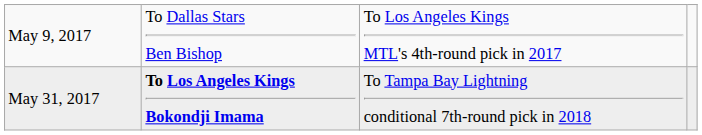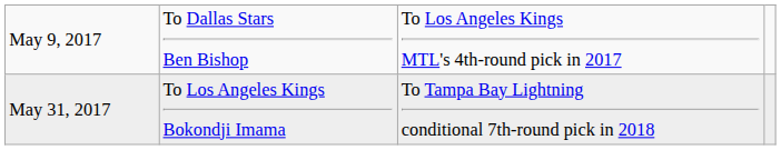 <table class="wikitable" style="border:1px solid #999999; width:680px;">
 <tr>
 <td>May 9, 2017</td>
 <td valign="top">To <a href='#'>Dallas Stars</a><hr> <a href='#'>Ben Bishop</a></td>
 <td valign="top">To <a href='#'>Los Angeles Kings</a><hr> <a href='#'>MTL</a>'s 4th-round pick in <a href='#'>2017</a></td>
 <td></td>
 </tr>
 <tr bgcolor="eeeeee">
 <td>May 31, 2017</td>
-<td><strong>To <a href='#'>Los Angeles Kings</a><hr> <a href='#'>Bokondji Imama</a></strong></td>
+<td>To <a href='#'>Los Angeles Kings</a><hr> <a href='#'>Bokondji Imama</a></td>
 <td>To <a href='#'>Tampa Bay Lightning</a><hr> <span>conditional</span> 7th-round pick in <a href='#'>2018</a></td>
 <td></td>
 </tr>
 </table>
